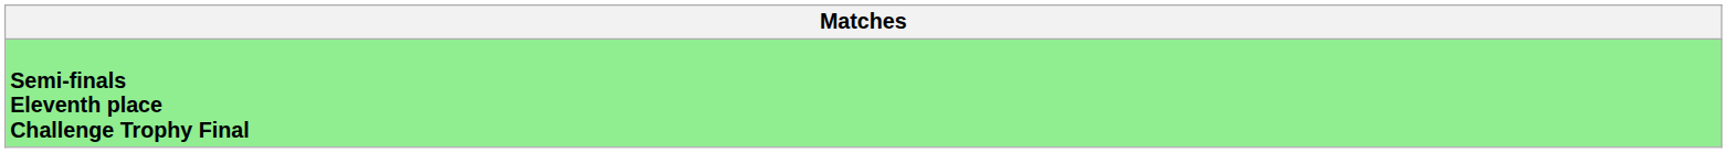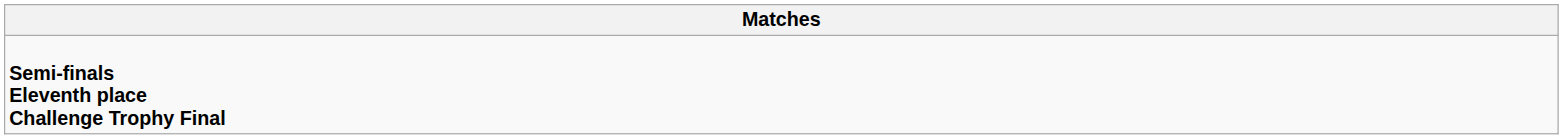 <table class="wikitable collapsible collapsed" style="width:100%;">
 <tr>
 <th>Matches</th>
 </tr>
 <tr>
-<td style="background: lightgreen;"><br><strong>Semi-finals</strong>  <br><strong>Eleventh place</strong> <br><strong>Challenge Trophy Final</strong> </td>
+<td><br><strong>Semi-finals</strong>  <br><strong>Eleventh place</strong> <br><strong>Challenge Trophy Final</strong> </td>
 </tr>
 </table>
